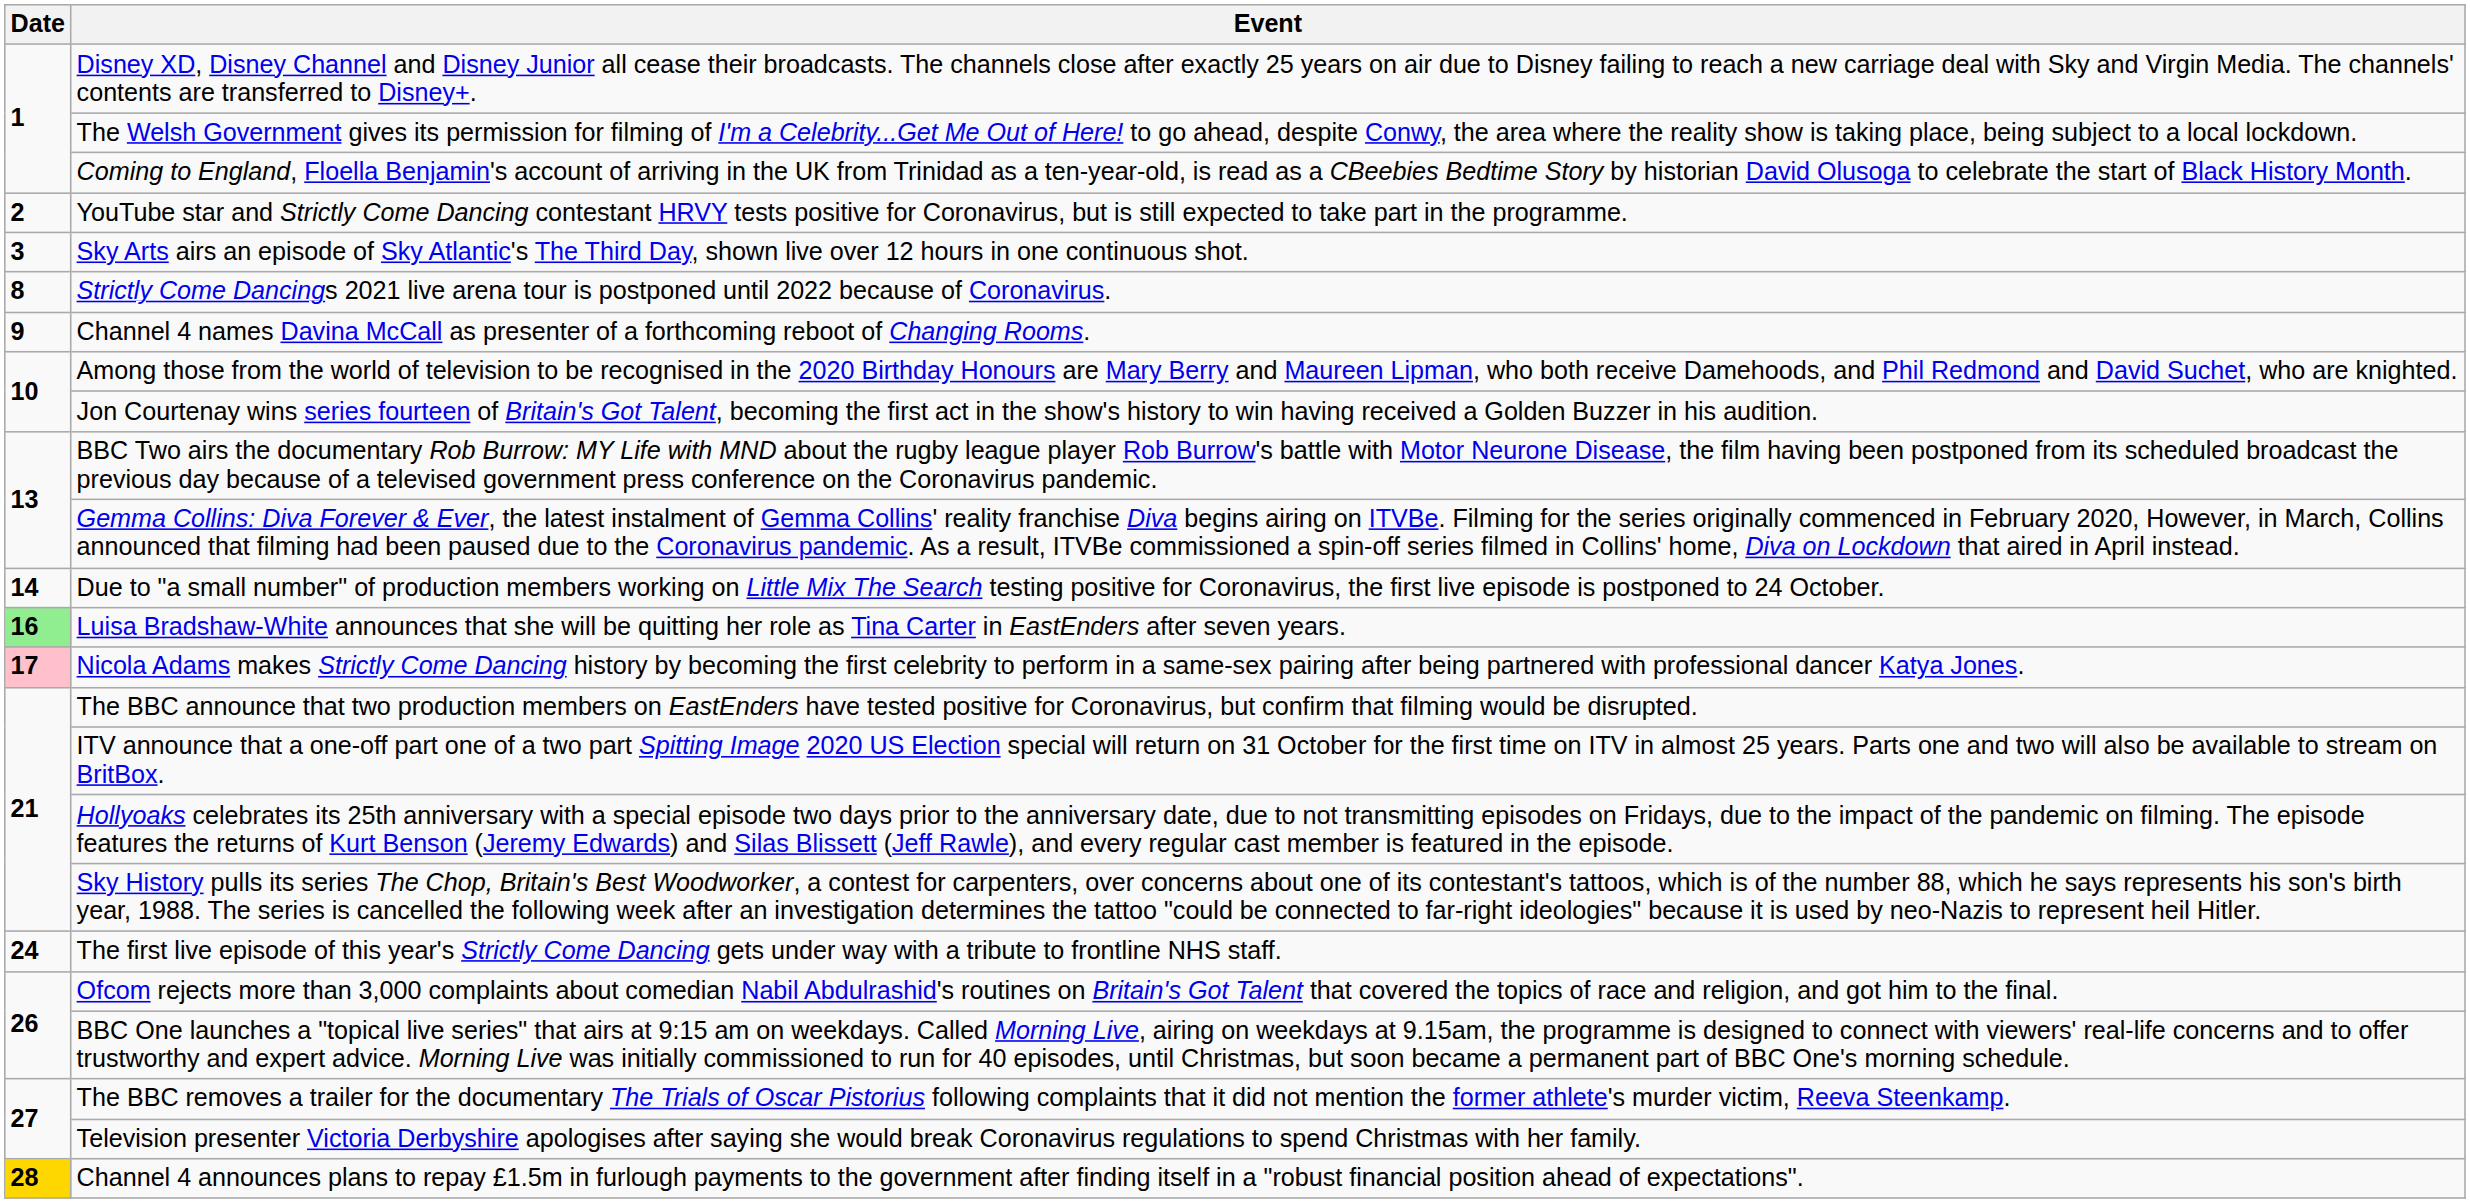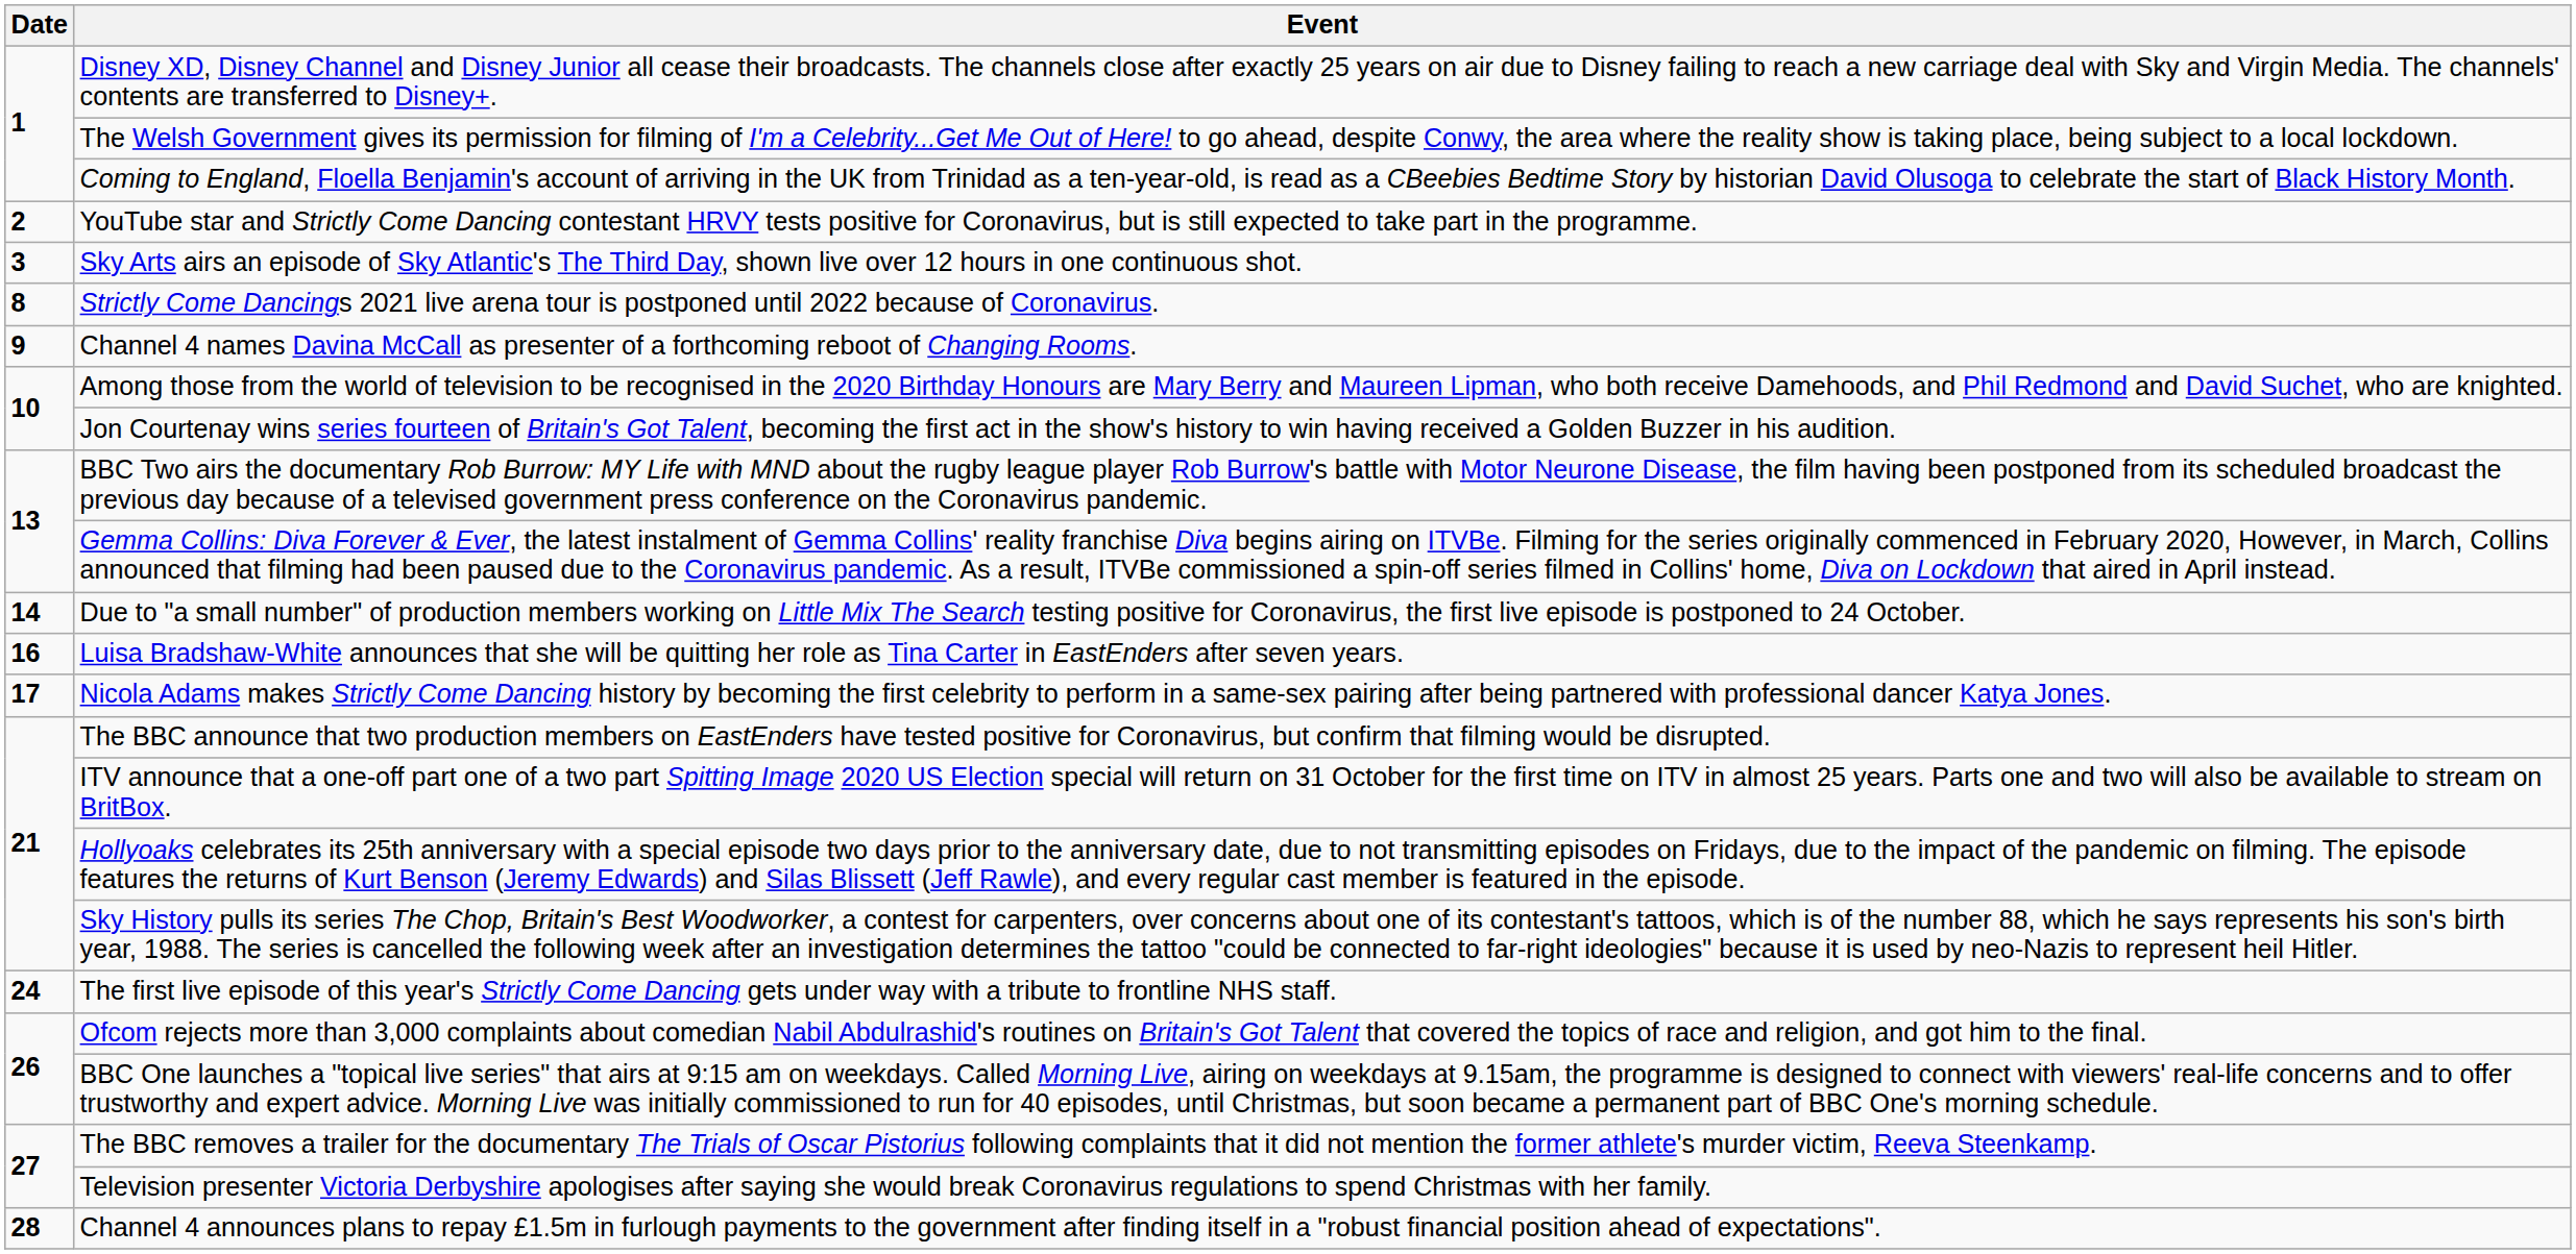 <table class="wikitable">
 <tr>
 <th>Date</th>
 <th>Event</th>
 </tr>
 <tr>
 <td rowspan=3><strong>1</strong></td>
 <td><a href='#'>Disney XD</a>, <a href='#'>Disney Channel</a> and <a href='#'>Disney Junior</a> all cease their broadcasts. The channels close after exactly 25 years on air due to Disney failing to reach a new carriage deal with Sky and Virgin Media. The channels' contents are transferred to <a href='#'>Disney+</a>.</td>
 </tr>
 <tr>
 <td>The <a href='#'>Welsh Government</a> gives its permission for filming of <em><a href='#'>I'm a Celebrity...Get Me Out of Here!</a></em> to go ahead, despite <a href='#'>Conwy</a>, the area where the reality show is taking place, being subject to a local lockdown.</td>
 </tr>
 <tr>
 <td><em>Coming to England</em>, <a href='#'>Floella Benjamin</a>'s account of arriving in the UK from Trinidad as a ten-year-old, is read as a <em>CBeebies Bedtime Story</em> by historian <a href='#'>David Olusoga</a> to celebrate the start of <a href='#'>Black History Month</a>.</td>
 </tr>
 <tr>
 <td><strong>2</strong></td>
 <td>YouTube star and <em>Strictly Come Dancing</em> contestant <a href='#'>HRVY</a> tests positive for Coronavirus, but is still expected to take part in the programme.</td>
 </tr>
 <tr>
 <td><strong>3</strong></td>
 <td><a href='#'>Sky Arts</a> airs an episode of <a href='#'>Sky Atlantic</a>'s <a href='#'>The Third Day</a>, shown live over 12 hours in one continuous shot.</td>
 </tr>
 <tr>
 <td><strong>8</strong></td>
 <td><em><a href='#'>Strictly Come Dancing</a></em>s 2021 live arena tour is postponed until 2022 because of <a href='#'>Coronavirus</a>.</td>
 </tr>
 <tr>
 <td><strong>9</strong></td>
 <td>Channel 4 names <a href='#'>Davina McCall</a> as presenter of a forthcoming reboot of <em><a href='#'>Changing Rooms</a></em>.</td>
 </tr>
 <tr>
 <td rowspan=2><strong>10</strong></td>
 <td>Among those from the world of television to be recognised in the <a href='#'>2020 Birthday Honours</a> are <a href='#'>Mary Berry</a> and <a href='#'>Maureen Lipman</a>, who both receive Damehoods, and <a href='#'>Phil Redmond</a> and <a href='#'>David Suchet</a>, who are knighted.</td>
 </tr>
 <tr>
 <td>Jon Courtenay wins <a href='#'>series fourteen</a> of <em><a href='#'>Britain's Got Talent</a></em>, becoming the first act in the show's history to win having received a Golden Buzzer in his audition.</td>
 </tr>
 <tr>
 <td rowspan="2"><strong>13</strong></td>
 <td>BBC Two airs the documentary <em>Rob Burrow: MY Life with MND</em> about the rugby league player <a href='#'>Rob Burrow</a>'s battle with <a href='#'>Motor Neurone Disease</a>, the film having been postponed from its scheduled broadcast the previous day because of a televised government press conference on the Coronavirus pandemic.</td>
 </tr>
 <tr>
 <td><em><a href='#'>Gemma Collins: Diva Forever & Ever</a></em>, the latest instalment of <a href='#'>Gemma Collins</a>' reality franchise <em><a href='#'>Diva</a></em> begins airing on <a href='#'>ITVBe</a>. Filming for the series originally commenced in February 2020, However, in March, Collins announced that filming had been paused due to the <a href='#'>Coronavirus pandemic</a>. As a result, ITVBe commissioned a spin-off series filmed in Collins' home, <em><a href='#'>Diva on Lockdown</a></em> that aired in April instead.</td>
 </tr>
 <tr>
 <td><strong>14</strong></td>
 <td>Due to "a small number" of production members working on <em><a href='#'>Little Mix The Search</a></em> testing positive for Coronavirus, the first live episode is postponed to 24 October.</td>
 </tr>
 <tr>
-<td style="background: lightgreen;"><strong>16</strong></td>
+<td><strong>16</strong></td>
 <td><a href='#'>Luisa Bradshaw-White</a> announces that she will be quitting her role as <a href='#'>Tina Carter</a> in <em>EastEnders</em> after seven years.</td>
 </tr>
 <tr>
-<td style="background: pink;"><strong>17</strong></td>
+<td><strong>17</strong></td>
 <td><a href='#'>Nicola Adams</a> makes <em><a href='#'>Strictly Come Dancing</a></em> history by becoming the first celebrity to perform in a same-sex pairing after being partnered with professional dancer <a href='#'>Katya Jones</a>.</td>
 </tr>
 <tr>
 <td rowspan=4><strong>21</strong></td>
 <td>The BBC announce that two production members on <em>EastEnders</em> have tested positive for Coronavirus, but confirm that filming would be disrupted.</td>
 </tr>
 <tr>
 <td>ITV announce that a one-off part one of a two part <em><a href='#'>Spitting Image</a></em> <a href='#'>2020 US Election</a> special will return on 31 October for the first time on ITV in almost 25 years. Parts one and two will also be available to stream on <a href='#'>BritBox</a>.</td>
 </tr>
 <tr>
 <td><em><a href='#'>Hollyoaks</a></em> celebrates its 25th anniversary with a special episode two days prior to the anniversary date, due to not transmitting episodes on Fridays, due to the impact of the pandemic on filming. The episode features the returns of <a href='#'>Kurt Benson</a> (<a href='#'>Jeremy Edwards</a>) and <a href='#'>Silas Blissett</a> (<a href='#'>Jeff Rawle</a>), and every regular cast member is featured in the episode.</td>
 </tr>
 <tr>
 <td><a href='#'>Sky History</a> pulls its series <em>The Chop, Britain's Best Woodworker</em>, a contest for carpenters, over concerns about one of its contestant's tattoos, which is of the number 88, which he says represents his son's birth year, 1988. The series is cancelled the following week after an investigation determines the tattoo "could be connected to far-right ideologies" because it is used by neo-Nazis to represent heil Hitler.</td>
 </tr>
 <tr>
 <td><strong>24</strong></td>
 <td>The first live episode of this year's <em><a href='#'>Strictly Come Dancing</a></em> gets under way with a tribute to frontline NHS staff.</td>
 </tr>
 <tr>
 <td rowspan=2><strong>26</strong></td>
 <td><a href='#'>Ofcom</a> rejects more than 3,000 complaints about comedian <a href='#'>Nabil Abdulrashid</a>'s routines on <em><a href='#'>Britain's Got Talent</a></em> that covered the topics of race and religion, and got him to the final.</td>
 </tr>
 <tr>
 <td>BBC One launches a "topical live series" that airs at 9:15 am on weekdays. Called <em><a href='#'>Morning Live</a></em>, airing on weekdays at 9.15am, the programme is designed to connect with viewers' real-life concerns and to offer trustworthy and expert advice. <em>Morning Live</em> was initially commissioned to run for 40 episodes, until Christmas, but soon became a permanent part of BBC One's morning schedule.</td>
 </tr>
 <tr>
 <td rowspan=2><strong>27</strong></td>
 <td>The BBC removes a trailer for the documentary <em><a href='#'>The Trials of Oscar Pistorius</a></em> following complaints that it did not mention the <a href='#'>former athlete</a>'s murder victim, <a href='#'>Reeva Steenkamp</a>.</td>
 </tr>
 <tr>
 <td>Television presenter <a href='#'>Victoria Derbyshire</a> apologises after saying she would break Coronavirus regulations to spend Christmas with her family.</td>
 </tr>
 <tr>
-<td style="background: gold;"><strong>28</strong></td>
+<td><strong>28</strong></td>
 <td>Channel 4 announces plans to repay £1.5m in furlough payments to the government after finding itself in a "robust financial position ahead of expectations".</td>
 </tr>
 </table>
